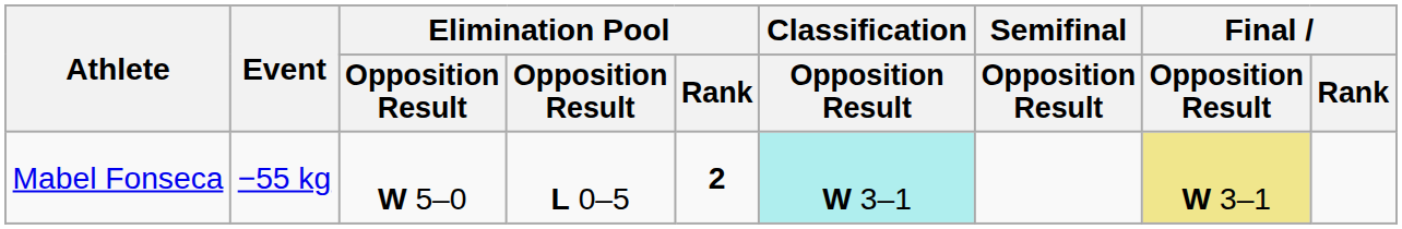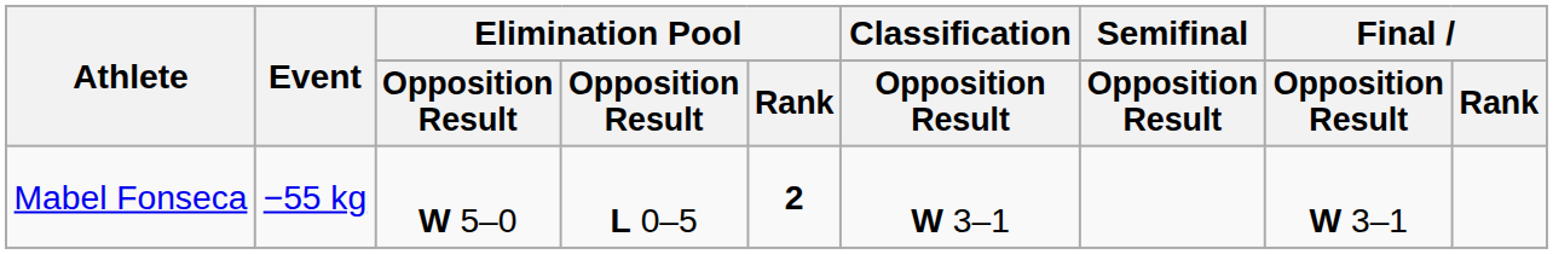 <table class="wikitable" style="font-size:90%">
 <tr>
 <th rowspan="2">Athlete</th>
 <th rowspan="2">Event</th>
 <th colspan=3>Elimination Pool</th>
 <th>Classification</th>
 <th>Semifinal</th>
 <th colspan=2>Final / </th>
 </tr>
 <tr style="font-size: 95%">
 <th>Opposition<br>Result</th>
 <th>Opposition<br>Result</th>
 <th>Rank</th>
 <th>Opposition<br>Result</th>
 <th>Opposition<br>Result</th>
 <th>Opposition<br>Result</th>
 <th>Rank</th>
 </tr>
 <tr align=center>
 <td align=left><a href='#'>Mabel Fonseca</a></td>
 <td align=left><a href='#'>−55 kg</a></td>
 <td><br><strong>W</strong> 5–0 <sup></sup></td>
 <td><br><strong>L</strong> 0–5 <sup></sup></td>
 <td><strong>2</strong></td>
-<td style="background: paleturquoise;"><br><strong>W</strong> 3–1 <sup></sup></td>
+<td><br><strong>W</strong> 3–1 <sup></sup></td>
 <td></td>
-<td style="background: khaki;"><br><strong>W</strong> 3–1 <sup></sup></td>
+<td><br><strong>W</strong> 3–1 <sup></sup></td>
 <td></td>
 </tr>
 </table>
